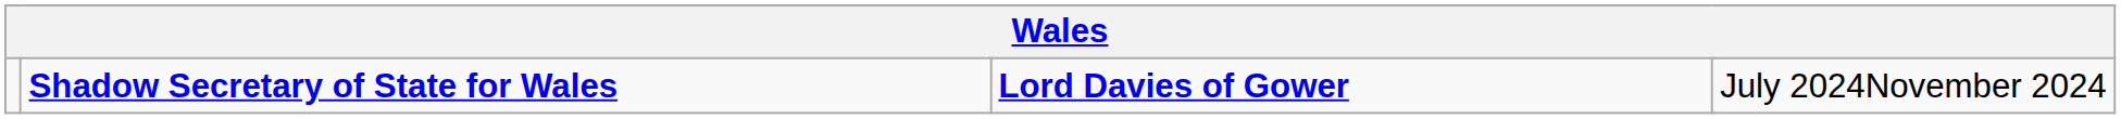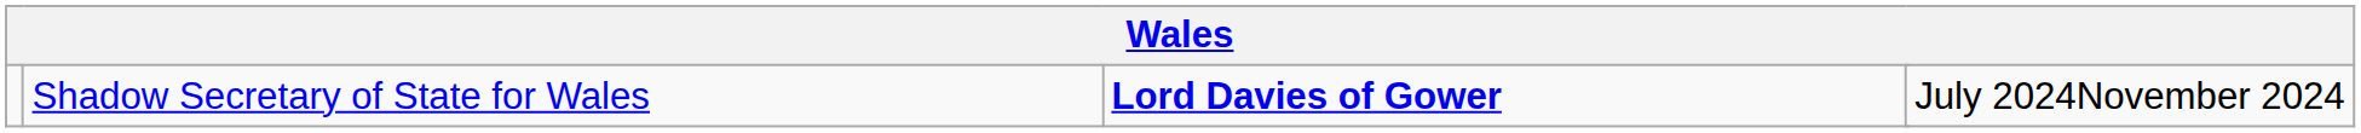 <table class="wikitable">
 <tr>
 <th colspan="5"><a href='#'>Wales</a></th>
 </tr>
 <tr>
 <td rowspan="2" style="background: "></td>
-<td style="width: 450px;"><strong><a href='#'>Shadow Secretary of State for Wales</a></strong></td>
+<td style="width: 450px;"><a href='#'>Shadow Secretary of State for Wales</a></td>
 <td colspan="2" style="width: 333px;"><strong><a href='#'>Lord Davies of Gower</a></strong></td>
 <td>July 2024November 2024</td>
 </tr>
 </table>
